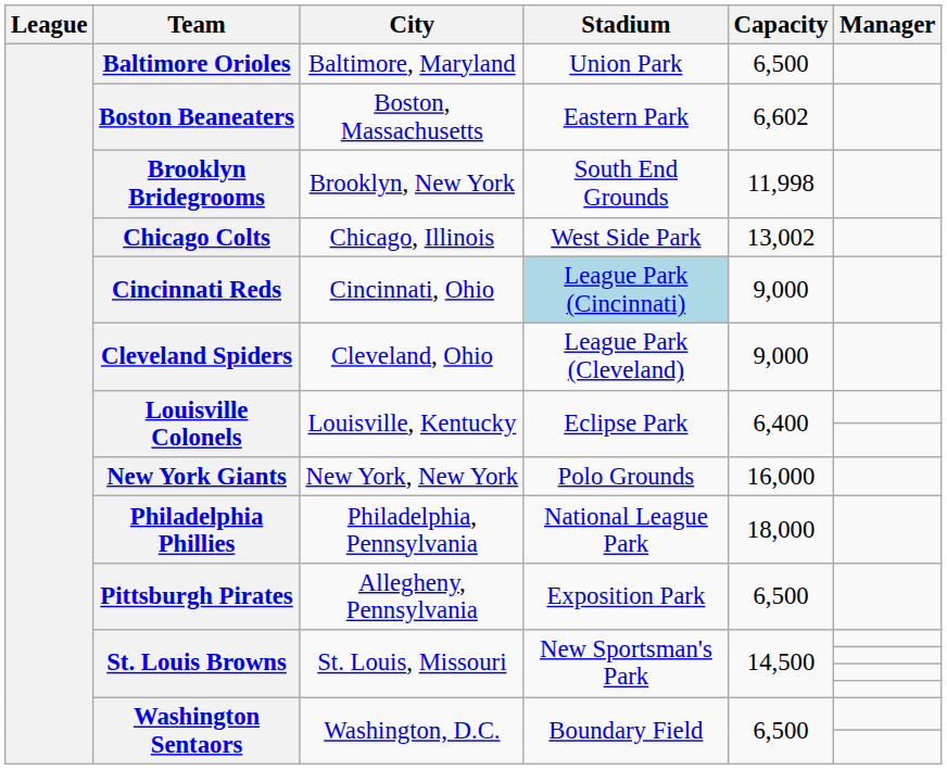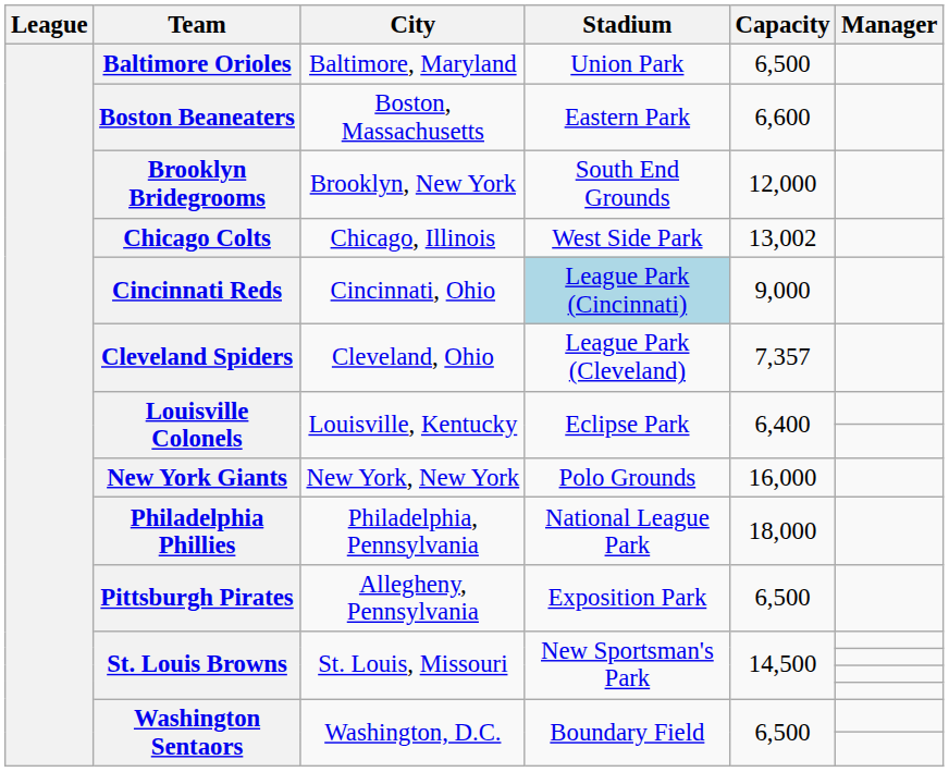 <table class="wikitable sortable plainrowheaders" style="text-align:center;">
 <tr>
 <th scope="col">League</th>
 <th scope="col">Team</th>
 <th scope="col">City</th>
 <th scope="col">Stadium</th>
 <th scope="col">Capacity</th>
 <th scope="col">Manager</th>
 </tr>
 <tr>
 <th rowspan="17"></th>
 <th scope="row"><a href='#'>Baltimore Orioles</a></th>
 <td><a href='#'>Baltimore</a>, <a href='#'>Maryland</a></td>
 <td><a href='#'>Union Park</a></td>
 <td>6,500</td>
 <td></td>
 </tr>
 <tr>
 <th scope="row"><a href='#'>Boston Beaneaters</a></th>
 <td><a href='#'>Boston</a>, <a href='#'>Massachusetts</a></td>
 <td><a href='#'>Eastern Park</a></td>
-<td>6,602</td>
+<td>6,600</td>
 <td></td>
 </tr>
 <tr>
 <th scope="row"><a href='#'>Brooklyn Bridegrooms</a></th>
 <td><a href='#'>Brooklyn</a>, <a href='#'>New York</a></td>
 <td><a href='#'>South End Grounds</a></td>
-<td>11,998</td>
+<td>12,000</td>
 <td></td>
 </tr>
 <tr>
 <th scope="row"><a href='#'>Chicago Colts</a></th>
 <td><a href='#'>Chicago</a>, <a href='#'>Illinois</a></td>
 <td><a href='#'>West Side Park</a></td>
 <td>13,002</td>
 <td></td>
 </tr>
 <tr>
 <th scope="row"><a href='#'>Cincinnati Reds</a></th>
 <td><a href='#'>Cincinnati</a>, <a href='#'>Ohio</a></td>
 <td style="background: lightblue;"><a href='#'>League Park (Cincinnati)</a></td>
 <td>9,000</td>
 <td></td>
 </tr>
 <tr>
 <th scope="row"><a href='#'>Cleveland Spiders</a></th>
 <td><a href='#'>Cleveland</a>, <a href='#'>Ohio</a></td>
 <td><a href='#'>League Park (Cleveland)</a></td>
-<td>9,000</td>
+<td>7,357</td>
 <td></td>
 </tr>
 <tr>
 <th rowspan="2" scope="row"><a href='#'>Louisville Colonels</a></th>
 <td rowspan="2"><a href='#'>Louisville</a>, <a href='#'>Kentucky</a></td>
 <td rowspan="2"><a href='#'>Eclipse Park</a></td>
 <td rowspan="2">6,400</td>
 <td></td>
 </tr>
 <tr>
 <td></td>
 </tr>
 <tr>
 <th scope="row"><a href='#'>New York Giants</a></th>
 <td><a href='#'>New York</a>, <a href='#'>New York</a></td>
 <td><a href='#'>Polo Grounds</a></td>
 <td>16,000</td>
 <td></td>
 </tr>
 <tr>
 <th scope="row"><a href='#'>Philadelphia Phillies</a></th>
 <td><a href='#'>Philadelphia</a>, <a href='#'>Pennsylvania</a></td>
 <td><a href='#'>National League Park</a></td>
 <td>18,000</td>
 <td></td>
 </tr>
 <tr>
 <th scope="row"><a href='#'>Pittsburgh Pirates</a></th>
 <td><a href='#'>Allegheny</a>, <a href='#'>Pennsylvania</a></td>
 <td><a href='#'>Exposition Park</a></td>
 <td>6,500</td>
 <td></td>
 </tr>
 <tr>
 <th rowspan="4" scope="row"><a href='#'>St. Louis Browns</a></th>
 <td rowspan="4"><a href='#'>St. Louis</a>, <a href='#'>Missouri</a></td>
 <td rowspan="4"><a href='#'>New Sportsman's Park</a></td>
 <td rowspan="4">14,500</td>
 <td></td>
 </tr>
 <tr>
 <td></td>
 </tr>
 <tr>
 <td></td>
 </tr>
 <tr>
 <td></td>
 </tr>
 <tr>
 <th rowspan="2" scope="row"><a href='#'>Washington Sentaors</a></th>
 <td rowspan="2"><a href='#'>Washington, D.C.</a></td>
 <td rowspan="2"><a href='#'>Boundary Field</a></td>
 <td rowspan="2">6,500</td>
 <td></td>
 </tr>
 <tr>
 <td></td>
 </tr>
 </table>
